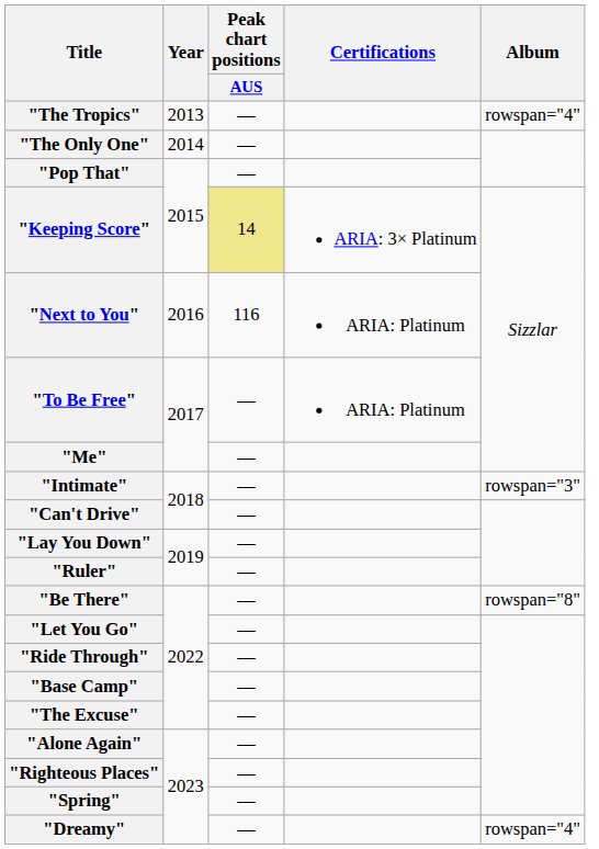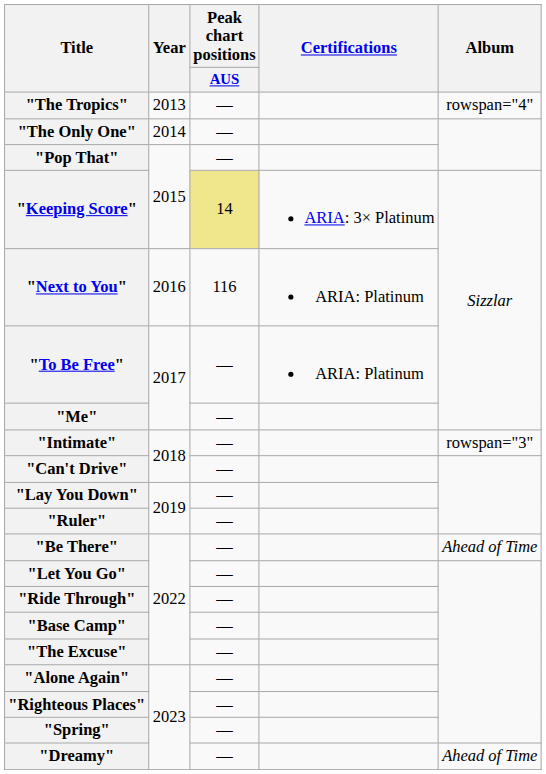 <table class="wikitable plainrowheaders" style="text-align:center;">
 <tr>
 <th scope="col" rowspan="2">Title</th>
 <th scope="col" rowspan="2">Year</th>
 <th scope="col">Peak chart positions</th>
 <th scope="col" rowspan="2"><a href='#'>Certifications</a></th>
 <th scope="col" rowspan="2">Album</th>
 </tr>
 <tr>
 <th scope="col" style="width:3em;font-size:90%;"><a href='#'>AUS</a><br></th>
 </tr>
 <tr>
 <th scope="row">"The Tropics"</th>
 <td>2013</td>
 <td>—</td>
 <td></td>
 <td>rowspan="4" </td>
 </tr>
 <tr>
 <th scope="row">"The Only One"<br></th>
 <td>2014</td>
 <td>—</td>
 <td></td>
 </tr>
 <tr>
 <th scope="row">"Pop That"</th>
 <td rowspan="2">2015</td>
 <td>—</td>
 <td></td>
 </tr>
 <tr>
 <th scope="row">"<a href='#'>Keeping Score</a>"<br></th>
 <td style="background: khaki;">14</td>
 <td><br><ul><li><a href='#'>ARIA</a>: 3× Platinum</li></ul></td>
 <td rowspan="4"><em>Sizzlar</em></td>
 </tr>
 <tr>
 <th scope="row">"<a href='#'>Next to You</a>"<br></th>
 <td>2016</td>
 <td>116</td>
 <td><br><ul><li>ARIA: Platinum</li></ul></td>
 </tr>
 <tr>
 <th scope="row">"<a href='#'>To Be Free</a>"</th>
 <td rowspan="2">2017</td>
 <td>—</td>
 <td><br><ul><li>ARIA: Platinum</li></ul></td>
 </tr>
 <tr>
 <th scope="row">"Me"<br></th>
 <td>—</td>
 <td></td>
 </tr>
 <tr>
 <th scope="row">"Intimate" <br></th>
 <td rowspan="2">2018</td>
 <td>—</td>
 <td></td>
 <td>rowspan="3" </td>
 </tr>
 <tr>
 <th scope="row">"Can't Drive"<br></th>
 <td>—</td>
 <td></td>
 </tr>
 <tr>
 <th scope="row">"Lay You Down"<br></th>
 <td rowspan="2">2019</td>
 <td>—</td>
 <td></td>
 </tr>
 <tr>
 <th scope="row">"Ruler"<br></th>
 <td>—</td>
 <td></td>
 </tr>
 <tr>
 <th scope="row">"Be There"</th>
 <td rowspan="5">2022</td>
 <td>—</td>
 <td></td>
-<td>rowspan="8" </td>
+<td><em>Ahead of Time</em></td>
 </tr>
 <tr>
 <th scope="row">"Let You Go"</th>
 <td>—</td>
 <td></td>
 </tr>
 <tr>
 <th scope="row">"Ride Through"</th>
 <td>—</td>
 <td></td>
 </tr>
 <tr>
 <th scope="row">"Base Camp"</th>
 <td>—</td>
 <td></td>
 </tr>
 <tr>
 <th scope="row">"The Excuse"</th>
 <td>—</td>
 <td></td>
 </tr>
 <tr>
 <th scope="row">"Alone Again"<br></th>
 <td rowspan="4">2023</td>
 <td>—</td>
 <td></td>
 </tr>
 <tr>
 <th scope="row">"Righteous Places"<br></th>
 <td>—</td>
 <td></td>
 </tr>
 <tr>
 <th scope="row">"Spring"<br></th>
 <td>—</td>
 <td></td>
 </tr>
 <tr>
 <th scope="row">"Dreamy"</th>
 <td>—</td>
 <td></td>
-<td>rowspan="4" </td>
+<td><em>Ahead of Time</em></td>
 </tr>
 <tr>
 </tr>
 </table>
